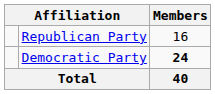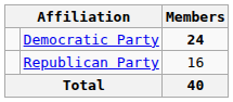 <table class="wikitable">
 <tr>
 <th colspan="2">Affiliation</th>
 <th>Members</th>
 </tr>
 <tr>
 <td style="background-color:"> </td>
-<td><a href='#'>Republican Party</a></td>
-<td style="text-align:center;">16</td>
+<td><a href='#'>Democratic Party</a></td>
+<td style="text-align:center;"><strong>24</strong></td>
 </tr>
 <tr>
 <td style="background-color:"> </td>
-<td><a href='#'>Democratic Party</a></td>
-<td style="text-align:center;"><strong>24</strong></td>
+<td><a href='#'>Republican Party</a></td>
+<td style="text-align:center;">16</td>
 </tr>
 <tr>
 <th colspan="2" style="text-align:center;">Total</th>
 <th style="text-align:center;">40</th>
 </tr>
 </table>
